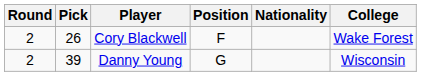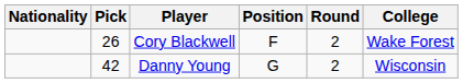 <table class="wikitable sortable sortable">
 <tr>
-<th>Round</th>
+<th>Nationality</th>
 <th>Pick</th>
 <th>Player</th>
 <th>Position</th>
-<th>Nationality</th>
+<th>Round</th>
 <th>College</th>
 </tr>
 <tr style="text-align: center">
-<td>2</td>
+<td></td>
 <td>26</td>
 <td><a href='#'>Cory Blackwell</a></td>
 <td>F</td>
-<td></td>
+<td>2</td>
 <td><a href='#'>Wake Forest</a></td>
 </tr>
 <tr style="text-align: center">
-<td>2</td>
-<td>39</td>
+<td></td>
+<td>42</td>
 <td><a href='#'>Danny Young</a></td>
 <td>G</td>
-<td></td>
+<td>2</td>
 <td><a href='#'>Wisconsin</a></td>
 </tr>
 </table>
